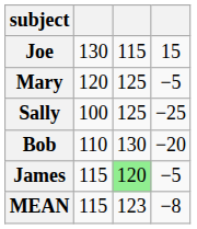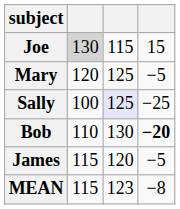 <table class="wikitable" style="text-align:center">
 <tr>
 <th>subject</th>
 <th></th>
 <th></th>
 <th></th>
 </tr>
 <tr>
 <th>Joe</th>
-<td>130</td>
+<td style="background: lightgrey;">130</td>
 <td>115</td>
 <td>15</td>
 </tr>
 <tr>
 <th>Mary</th>
 <td>120</td>
 <td>125</td>
 <td>−5</td>
 </tr>
 <tr>
 <th>Sally</th>
 <td>100</td>
-<td>125</td>
+<td style="background: lavender;">125</td>
 <td>−25</td>
 </tr>
 <tr>
 <th>Bob</th>
 <td>110</td>
 <td>130</td>
-<td>−20</td>
+<td><strong>−20</strong></td>
 </tr>
 <tr>
 <th>James</th>
 <td>115</td>
-<td style="background: lightgreen;">120</td>
+<td>120</td>
 <td>−5</td>
 </tr>
 <tr>
 <th>MEAN</th>
 <td>115</td>
 <td>123</td>
 <td>−8</td>
 </tr>
 </table>
